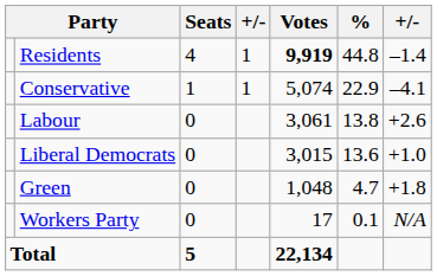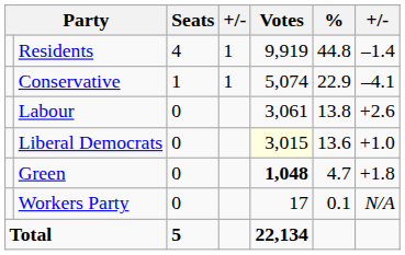 <table class="wikitable sortable">
 <tr>
 <th colspan="2">Party</th>
 <th>Seats</th>
 <th>+/-</th>
 <th>Votes</th>
 <th>%</th>
 <th>+/-</th>
 </tr>
 <tr>
 <td style="background-color: "></td>
 <td><a href='#'>Residents</a></td>
 <td>4</td>
 <td> 1</td>
-<td style="text-align:right;"><strong>9,919</strong></td>
+<td style="text-align:right;">9,919</td>
 <td style="text-align:right;">44.8</td>
 <td style="text-align:right;">–1.4</td>
 </tr>
 <tr>
 <td style="background-color: "></td>
 <td><a href='#'>Conservative</a></td>
 <td>1</td>
 <td> 1</td>
 <td style="text-align:right;">5,074</td>
 <td style="text-align:right;">22.9</td>
 <td style="text-align:right;">–4.1</td>
 </tr>
 <tr>
 <td style="background-color: "></td>
 <td><a href='#'>Labour</a></td>
 <td>0</td>
 <td></td>
 <td style="text-align:right;">3,061</td>
 <td style="text-align:right;">13.8</td>
 <td style="text-align:right;">+2.6</td>
 </tr>
 <tr>
 <td style="background-color: "></td>
 <td><a href='#'>Liberal Democrats</a></td>
 <td>0</td>
 <td></td>
-<td style="text-align:right;">3,015</td>
+<td style="background: lightyellow; text-align:right;">3,015</td>
 <td style="text-align:right;">13.6</td>
 <td style="text-align:right;">+1.0</td>
 </tr>
 <tr>
 <td style="background-color: "></td>
 <td><a href='#'>Green</a></td>
 <td>0</td>
 <td></td>
-<td style="text-align:right;">1,048</td>
+<td style="text-align:right;"><strong>1,048</strong></td>
 <td style="text-align:right;">4.7</td>
 <td style="text-align:right;">+1.8</td>
 </tr>
 <tr>
 <td style="background-color: "></td>
 <td><a href='#'>Workers Party</a></td>
 <td>0</td>
 <td></td>
 <td style="text-align:right;">17</td>
 <td style="text-align:right;">0.1</td>
 <td style="text-align:right;"><em>N/A</em></td>
 </tr>
 <tr>
 <td colspan="2"><strong>Total</strong></td>
 <td><strong>5</strong></td>
 <td></td>
 <td style="text-align:right;"><strong>22,134</strong></td>
 <td style="text-align:right;"></td>
 <td style="text-align:right;"></td>
 </tr>
 </table>
